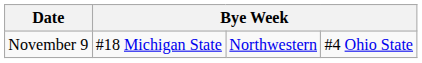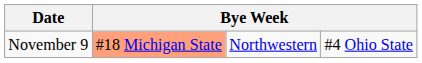 <table class="wikitable" style="font-size:95%;">
 <tr>
 <th>Date</th>
 <th colspan="3">Bye Week</th>
 </tr>
 <tr>
 <td>November 9</td>
-<td>#18 <a href='#'>Michigan State</a></td>
+<td style="background: lightsalmon;">#18 <a href='#'>Michigan State</a></td>
 <td><a href='#'>Northwestern</a></td>
 <td>#4 <a href='#'>Ohio State</a></td>
 </tr>
 </table>
